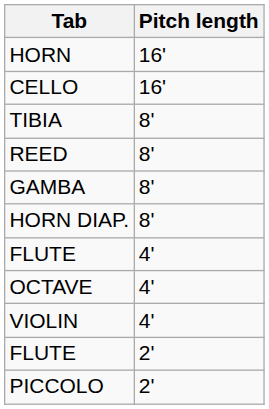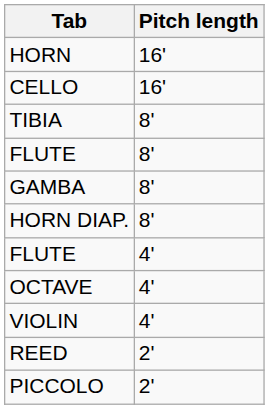 <table class="wikitable" style="text-align:left">
 <tr>
 <th>Tab</th>
 <th>Pitch length</th>
 </tr>
 <tr>
 <td>HORN</td>
 <td>16'</td>
 </tr>
 <tr>
 <td>CELLO</td>
 <td>16'</td>
 </tr>
 <tr>
 <td>TIBIA</td>
 <td>8'</td>
 </tr>
 <tr>
-<td>REED</td>
+<td>FLUTE</td>
 <td>8'</td>
 </tr>
 <tr>
 <td>GAMBA</td>
 <td>8'</td>
 </tr>
 <tr>
 <td>HORN DIAP.</td>
 <td>8'</td>
 </tr>
 <tr>
 <td>FLUTE</td>
 <td>4'</td>
 </tr>
 <tr>
 <td>OCTAVE</td>
 <td>4'</td>
 </tr>
 <tr>
 <td>VIOLIN</td>
 <td>4'</td>
 </tr>
 <tr>
-<td>FLUTE</td>
+<td>REED</td>
 <td>2'</td>
 </tr>
 <tr>
 <td>PICCOLO</td>
 <td>2'</td>
 </tr>
 </table>
